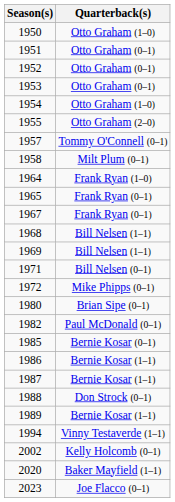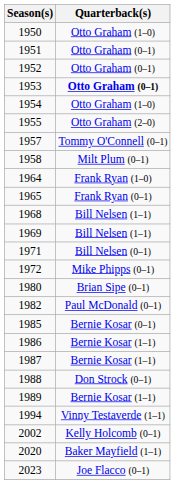 <table class="wikitable sortable" style="text-align:center">
 <tr>
 <th>Season(s)</th>
 <th>Quarterback(s)</th>
 </tr>
 <tr>
 <td>1950</td>
 <td><a href='#'>Otto Graham</a> <small>(1–0)</small></td>
 </tr>
 <tr>
 <td>1951</td>
 <td><a href='#'>Otto Graham</a> <small>(0–1)</small></td>
 </tr>
 <tr>
 <td>1952</td>
 <td><a href='#'>Otto Graham</a> <small>(0–1)</small></td>
 </tr>
 <tr>
 <td>1953</td>
-<td><a href='#'>Otto Graham</a> <small>(0–1)</small></td>
+<td><strong><a href='#'>Otto Graham</a> <small>(0–1)</small></strong></td>
 </tr>
 <tr>
 <td>1954</td>
 <td><a href='#'>Otto Graham</a> <small>(1–0)</small></td>
 </tr>
 <tr>
 <td>1955</td>
 <td><a href='#'>Otto Graham</a> <small>(2–0)</small></td>
 </tr>
 <tr>
 <td>1957</td>
 <td><a href='#'>Tommy O'Connell</a> <small>(0–1)</small></td>
 </tr>
 <tr>
 <td>1958</td>
 <td><a href='#'>Milt Plum</a> <small>(0–1)</small></td>
 </tr>
 <tr>
 <td>1964</td>
 <td><a href='#'>Frank Ryan</a> <small>(1–0)</small></td>
 </tr>
 <tr>
 <td>1965</td>
-<td><a href='#'>Frank Ryan</a> <small>(0–1)</small></td>
-</tr>
-<tr>
-<td>1967</td>
 <td><a href='#'>Frank Ryan</a> <small>(0–1)</small></td>
 </tr>
 <tr>
 <td>1968</td>
 <td><a href='#'>Bill Nelsen</a> <small>(1–1)</small></td>
 </tr>
 <tr>
 <td>1969</td>
 <td><a href='#'>Bill Nelsen</a> <small>(1–1)</small></td>
 </tr>
 <tr>
 <td>1971</td>
 <td><a href='#'>Bill Nelsen</a> <small>(0–1)</small></td>
 </tr>
 <tr>
 <td>1972</td>
 <td><a href='#'>Mike Phipps</a> <small>(0–1)</small></td>
 </tr>
 <tr>
 <td>1980</td>
 <td><a href='#'>Brian Sipe</a> <small>(0–1)</small></td>
 </tr>
 <tr>
 <td>1982</td>
 <td><a href='#'>Paul McDonald</a> <small>(0–1)</small></td>
 </tr>
 <tr>
 <td>1985</td>
 <td><a href='#'>Bernie Kosar</a> <small>(0–1)</small></td>
 </tr>
 <tr>
 <td>1986</td>
 <td><a href='#'>Bernie Kosar</a> <small>(1–1)</small></td>
 </tr>
 <tr>
 <td>1987</td>
 <td><a href='#'>Bernie Kosar</a> <small>(1–1)</small></td>
 </tr>
 <tr>
 <td>1988</td>
 <td><a href='#'>Don Strock</a> <small>(0–1)</small></td>
 </tr>
 <tr>
 <td>1989</td>
 <td><a href='#'>Bernie Kosar</a> <small>(1–1)</small></td>
 </tr>
 <tr>
 <td>1994</td>
 <td><a href='#'>Vinny Testaverde</a> <small>(1–1)</small></td>
 </tr>
 <tr>
 <td>2002</td>
 <td><a href='#'>Kelly Holcomb</a> <small>(0–1)</small></td>
 </tr>
 <tr>
 <td>2020</td>
 <td><a href='#'>Baker Mayfield</a> <small>(1–1)</small></td>
 </tr>
 <tr>
 <td>2023</td>
 <td><a href='#'>Joe Flacco</a> <small>(0–1)</small></td>
 </tr>
 </table>
